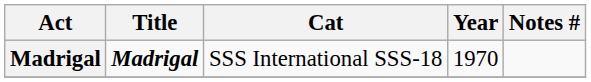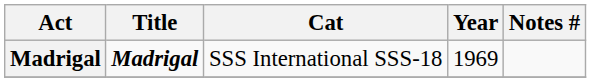 <table class="wikitable plainrowheaders sortable">
 <tr>
 <th scope="col">Act</th>
 <th scope="col" class="unsortable">Title</th>
 <th scope="col">Cat</th>
 <th scope="col">Year</th>
 <th scope="col" class="unsortable">Notes #</th>
 </tr>
 <tr>
 <th scope="row">Madrigal</th>
 <td><strong><em>Madrigal</em></strong></td>
 <td>SSS International SSS-18</td>
-<td>1970</td>
+<td>1969</td>
 <td></td>
 </tr>
 <tr>
 </tr>
 </table>
